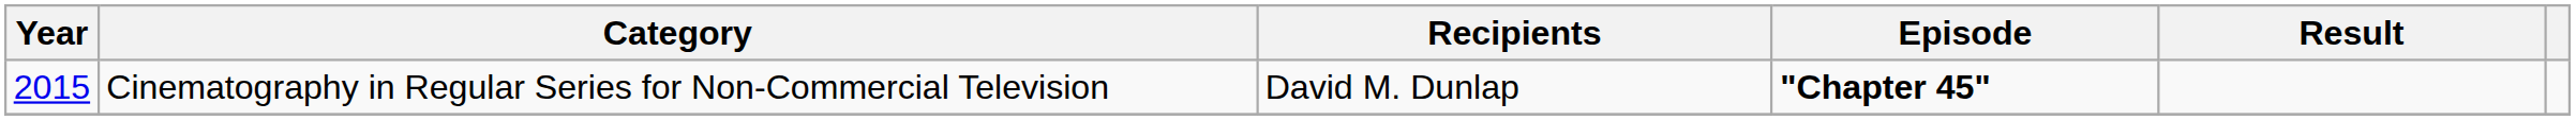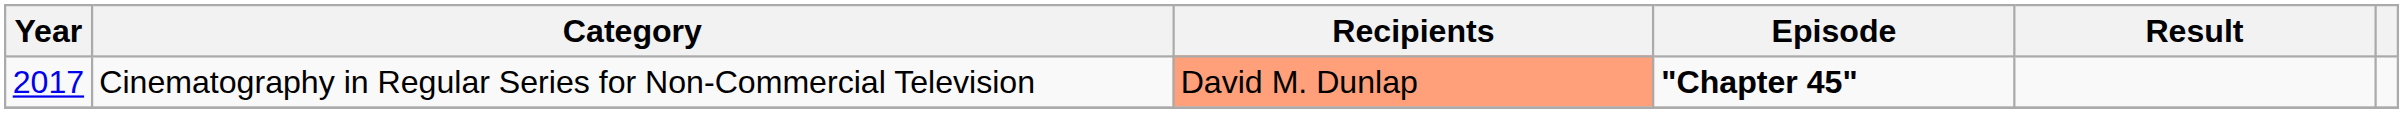 <table class="wikitable plainrowheaders" style="font-size: 90%" width=85%>
 <tr>
 <th scope="col" style="width:2%;">Year</th>
 <th scope="col" style="width:45%;">Category</th>
 <th scope="col" style="width:20%;">Recipients</th>
 <th scope="col" style="width:15%;">Episode</th>
 <th scope="col" style="width:15%;">Result</th>
 <th scope="col" class="unsortable" style="width:1%;"></th>
 </tr>
 <tr>
-<td style="text-align:center;"><a href='#'>2015</a></td>
+<td style="text-align:center;"><a href='#'>2017</a></td>
 <td>Cinematography in Regular Series for Non-Commercial Television</td>
-<td>David M. Dunlap</td>
+<td style="background: lightsalmon;">David M. Dunlap</td>
 <td><strong>"Chapter 45"</strong></td>
 <td></td>
 <td style="text-align:center;"></td>
 </tr>
 <tr>
 </tr>
 </table>
